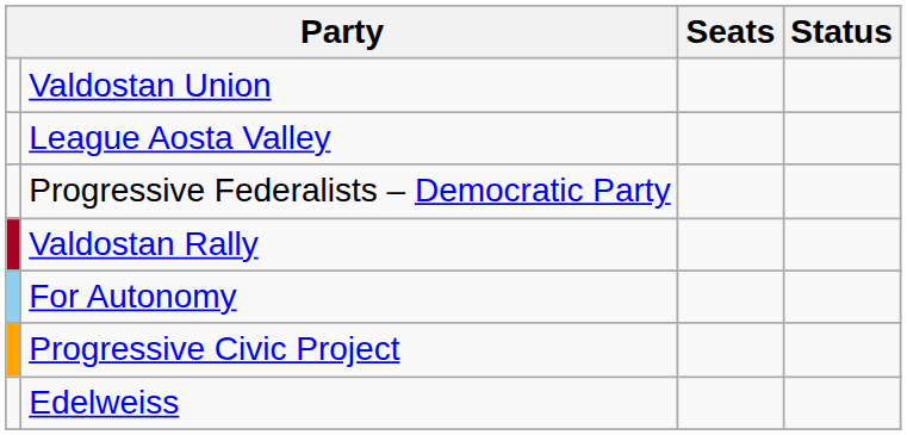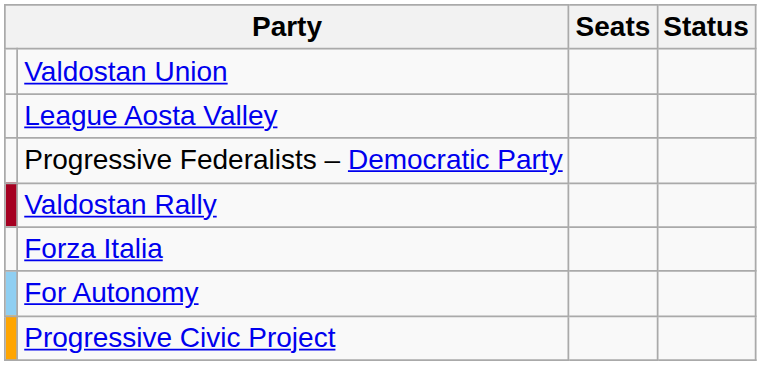 <table class=wikitable>
 <tr>
 <th colspan="2">Party</th>
 <th>Seats</th>
 <th>Status</th>
 </tr>
 <tr>
 <td style="color:inherit;background:"></td>
 <td><a href='#'>Valdostan Union</a></td>
 <td></td>
 <td></td>
 </tr>
 <tr>
 <td style="color:inherit;background:"></td>
 <td><a href='#'>League Aosta Valley</a></td>
 <td></td>
 <td></td>
 </tr>
 <tr>
 <td style="color:inherit;background:"></td>
 <td>Progressive Federalists – <a href='#'>Democratic Party</a></td>
 <td></td>
 <td></td>
 </tr>
 <tr>
 <td bgcolor="	#A50021"></td>
 <td><a href='#'>Valdostan Rally</a></td>
 <td></td>
 <td></td>
 </tr>
 <tr>
+<td style="color:inherit;background:"></td>
+<td><a href='#'>Forza Italia</a></td>
+<td></td>
+<td></td>
+</tr>
+<tr>
 <td style="color:inherit;background:#8FCFF2"></td>
 <td><a href='#'>For Autonomy</a></td>
 <td></td>
 <td></td>
 </tr>
 <tr>
 <td bgcolor="orange"></td>
 <td><a href='#'>Progressive Civic Project</a></td>
 <td></td>
 <td></td>
 </tr>
-<tr>
-<td style="color:inherit;background:"></td>
-<td><a href='#'>Edelweiss</a></td>
-<td></td>
-<td></td>
-</tr>
 </table>
